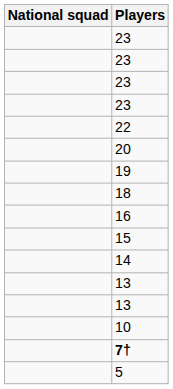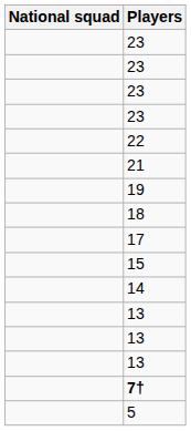 <table class="wikitable sortable">
 <tr>
 <th>National squad</th>
 <th>Players</th>
 </tr>
 <tr>
 <td></td>
 <td>23</td>
 </tr>
 <tr>
 <td></td>
 <td>23</td>
 </tr>
 <tr>
 <td></td>
 <td>23</td>
 </tr>
 <tr>
 <td></td>
 <td>23</td>
 </tr>
 <tr>
 <td></td>
 <td>22</td>
 </tr>
 <tr>
 <td></td>
-<td>20</td>
+<td>21</td>
 </tr>
 <tr>
 <td></td>
 <td>19</td>
 </tr>
 <tr>
 <td></td>
 <td>18</td>
 </tr>
 <tr>
 <td></td>
-<td>16</td>
+<td>17</td>
 </tr>
 <tr>
 <td></td>
 <td>15</td>
 </tr>
 <tr>
 <td></td>
 <td>14</td>
 </tr>
 <tr>
 <td></td>
 <td>13</td>
 </tr>
 <tr>
 <td></td>
 <td>13</td>
 </tr>
 <tr>
 <td></td>
-<td>10</td>
+<td>13</td>
 </tr>
 <tr>
 <td></td>
 <td><strong>7†</strong></td>
 </tr>
 <tr>
 <td></td>
 <td>5</td>
 </tr>
 </table>
